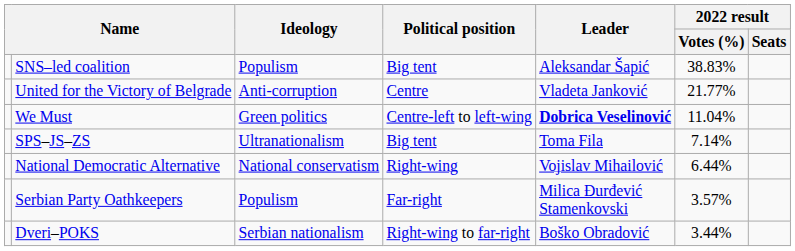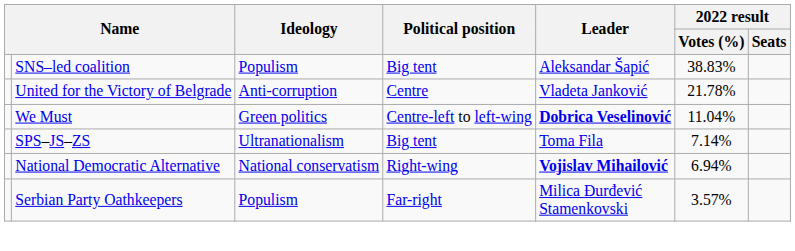 <table class="wikitable" style="text-align:left">
 <tr>
 <th colspan="2" rowspan="2">Name</th>
 <th rowspan="2">Ideology</th>
 <th rowspan="2">Political position</th>
 <th rowspan="2">Leader</th>
 <th colspan="2">2022 result</th>
 </tr>
 <tr>
 <th>Votes (%)</th>
 <th>Seats</th>
 </tr>
 <tr>
 <td style="background:"></td>
 <td><a href='#'>SNS–led coalition</a></td>
 <td><a href='#'>Populism</a></td>
 <td><a href='#'>Big tent</a></td>
 <td><a href='#'>Aleksandar Šapić</a></td>
 <td style="text-align:center">38.83%</td>
 <td></td>
 </tr>
 <tr>
 <td style="background:"></td>
 <td><a href='#'>United for the Victory of Belgrade</a></td>
 <td><a href='#'>Anti-corruption</a></td>
 <td><a href='#'>Centre</a></td>
 <td><a href='#'>Vladeta Janković</a></td>
-<td style="text-align:center">21.77%</td>
+<td style="text-align:center">21.78%</td>
 <td></td>
 </tr>
 <tr>
 <td style="background:"></td>
 <td><a href='#'>We Must</a></td>
 <td><a href='#'>Green politics</a></td>
 <td><a href='#'>Centre-left</a> to <a href='#'>left-wing</a></td>
 <td><strong><a href='#'>Dobrica Veselinović</a></strong></td>
 <td style="text-align:center">11.04%</td>
 <td></td>
 </tr>
 <tr>
 <td style="background:"></td>
 <td><a href='#'>SPS</a>–<a href='#'>JS</a>–<a href='#'>ZS</a></td>
 <td><a href='#'>Ultranationalism</a></td>
 <td><a href='#'>Big tent</a></td>
 <td><a href='#'>Toma Fila</a></td>
 <td style="text-align:center">7.14%</td>
 <td></td>
 </tr>
 <tr>
 <td style="background:"></td>
 <td><a href='#'>National Democratic Alternative</a></td>
 <td><a href='#'>National conservatism</a></td>
 <td><a href='#'>Right-wing</a></td>
-<td><a href='#'>Vojislav Mihailović</a></td>
-<td style="text-align:center">6.44%</td>
+<td><strong><a href='#'>Vojislav Mihailović</a></strong></td>
+<td style="text-align:center">6.94%</td>
 <td></td>
 </tr>
 <tr>
 <td style="background:"></td>
 <td><a href='#'>Serbian Party Oathkeepers</a></td>
 <td><a href='#'>Populism</a></td>
 <td><a href='#'>Far-right</a></td>
 <td><a href='#'>Milica Đurđević<br>Stamenkovski</a></td>
 <td style="text-align:center">3.57%</td>
 <td></td>
 </tr>
-<tr>
-<td style="background:"></td>
-<td><a href='#'>Dveri</a>–<a href='#'>POKS</a></td>
-<td><a href='#'>Serbian nationalism</a></td>
-<td><a href='#'>Right-wing</a> to <a href='#'>far-right</a></td>
-<td><a href='#'>Boško Obradović</a></td>
-<td style="text-align:center">3.44%</td>
-<td></td>
-</tr>
 </table>
